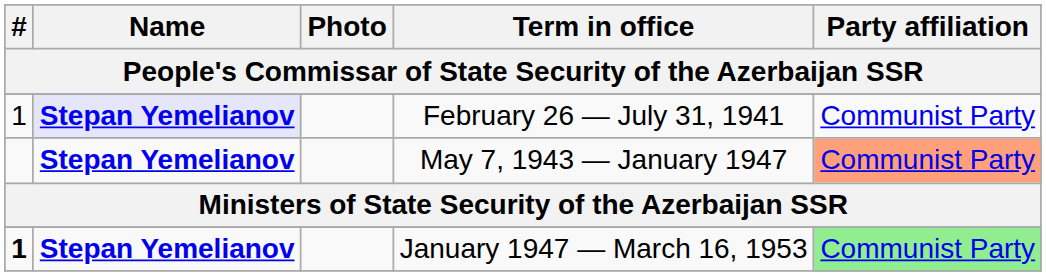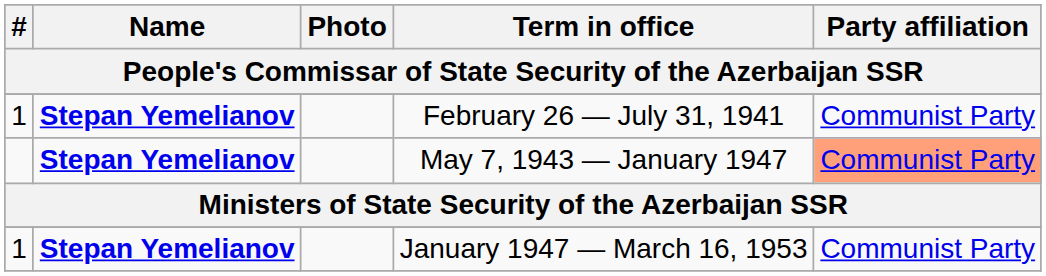 <table class=wikitable style="text-align:center;">
 <tr>
 <th>#</th>
 <th>Name</th>
 <th>Photo</th>
 <th>Term in office</th>
 <th>Party affiliation</th>
 </tr>
 <tr>
 <th colspan=8>People's Commissar of State Security of the Azerbaijan SSR</th>
 </tr>
 <tr>
 </tr>
 <tr>
 <td>1</td>
-<td style="background: lavender;"><strong><a href='#'>Stepan Yemelianov</a></strong></td>
+<td><strong><a href='#'>Stepan Yemelianov</a></strong></td>
 <td></td>
 <td>February 26 — July 31, 1941</td>
 <td><a href='#'>Communist Party</a></td>
 </tr>
 <tr>
 <td></td>
 <td><strong><a href='#'>Stepan Yemelianov</a></strong></td>
 <td></td>
 <td>May 7, 1943 — January 1947</td>
 <td style="background: lightsalmon;"><a href='#'>Communist Party</a></td>
 </tr>
 <tr>
 <th colspan=8>Ministers of State Security of the Azerbaijan SSR</th>
 </tr>
 <tr>
 </tr>
 <tr>
-<td><strong>1</strong></td>
+<td>1</td>
 <td><strong><a href='#'>Stepan Yemelianov</a></strong></td>
 <td></td>
 <td>January 1947 — March 16, 1953</td>
-<td style="background: lightgreen;"><a href='#'>Communist Party</a></td>
+<td><a href='#'>Communist Party</a></td>
 </tr>
 </table>
